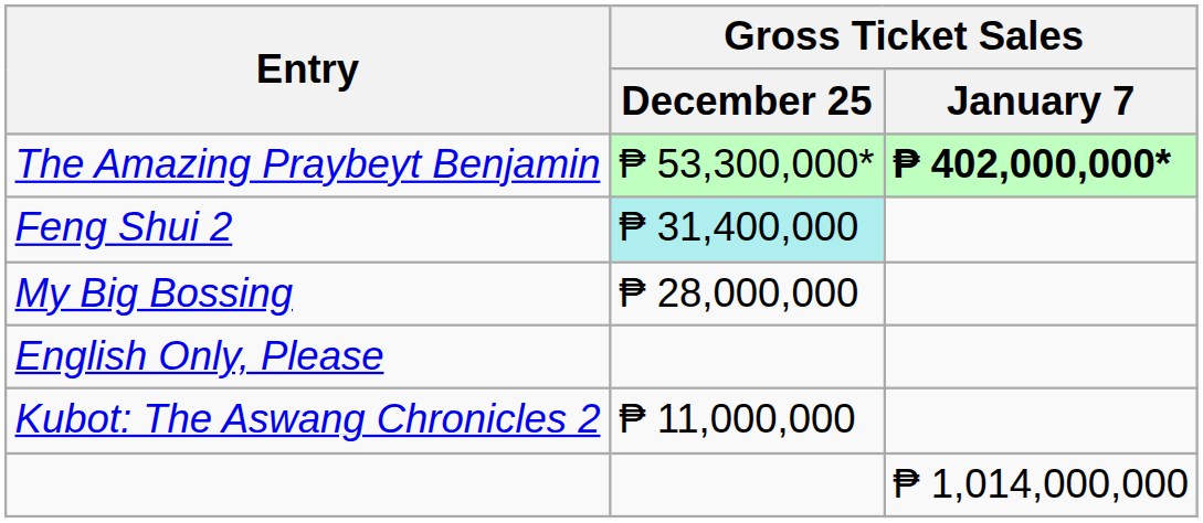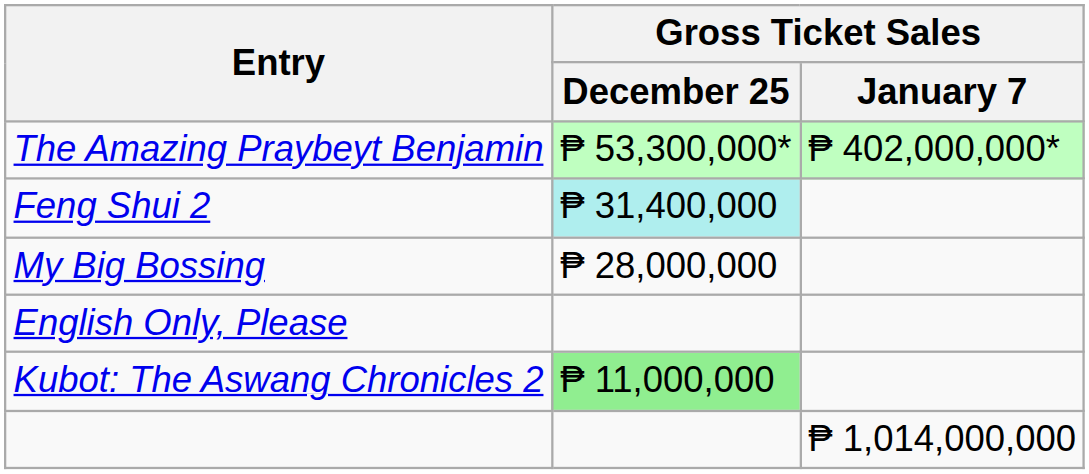 <table class="wikitable sortable" style="text align: center">
 <tr bgcolor="#efefef">
 <th rowspan="2">Entry</th>
 <th colspan="6">Gross Ticket Sales</th>
 </tr>
 <tr>
 <th>December 25</th>
 <th>January 7</th>
 </tr>
 <tr>
 <td><em><a href='#'>The Amazing Praybeyt Benjamin</a></em></td>
 <td data-sort-value="1" style="background:#BFFFC0;">₱ 53,300,000*</td>
-<td data-sort-value="1" style="background:#BFFFC0;"><strong>₱ 402,000,000*</strong></td>
+<td data-sort-value="1" style="background:#BFFFC0;">₱ 402,000,000*</td>
 </tr>
 <tr>
 <td><em><a href='#'>Feng Shui 2</a></em></td>
 <td data-sort-value="2" style="background: paleturquoise;">₱ 31,400,000</td>
 <td data-sort-value="2"></td>
 </tr>
 <tr>
 <td><em><a href='#'>My Big Bossing</a></em></td>
 <td data-sort-value="3">₱ 28,000,000</td>
 <td data-sort-value="3"></td>
 </tr>
 <tr>
 <td><em><a href='#'>English Only, Please</a></em></td>
 <td data-sort-value="5"></td>
 <td data-sort-value="4"></td>
 </tr>
 <tr>
 <td><em><a href='#'>Kubot: The Aswang Chronicles 2</a></em></td>
-<td data-sort-value="4">₱ 11,000,000</td>
+<td data-sort-value="4" style="background: lightgreen;">₱ 11,000,000</td>
 <td data-sort-value="5"></td>
 </tr>
 <tr>
 <td></td>
 <td><strong></strong></td>
 <td>₱ 1,014,000,000</td>
 </tr>
 </table>
